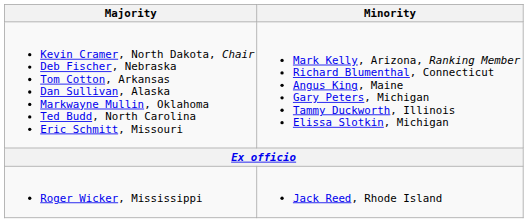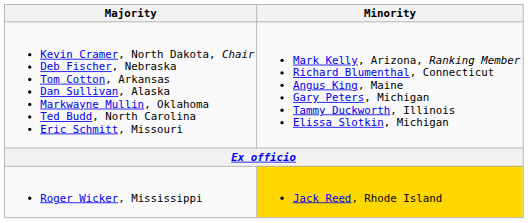 <table class=wikitable>
 <tr>
 <th>Majority</th>
 <th>Minority</th>
 </tr>
 <tr>
 <td><br><ul><li><a href='#'>Kevin Cramer</a>, North Dakota, <em>Chair</em></li><li><a href='#'>Deb Fischer</a>, Nebraska</li><li><a href='#'>Tom Cotton</a>, Arkansas</li><li><a href='#'>Dan Sullivan</a>, Alaska</li><li><a href='#'>Markwayne Mullin</a>, Oklahoma</li><li><a href='#'>Ted Budd</a>, North Carolina</li><li><a href='#'>Eric Schmitt</a>, Missouri</li></ul></td>
 <td><br><ul><li><a href='#'>Mark Kelly</a>, Arizona, <em>Ranking Member</em></li><li><a href='#'>Richard Blumenthal</a>, Connecticut</li><li><span><a href='#'>Angus King</a>, Maine</span></li><li><a href='#'>Gary Peters</a>, Michigan</li><li><a href='#'>Tammy Duckworth</a>, Illinois</li><li><a href='#'>Elissa Slotkin</a>, Michigan</li></ul></td>
 </tr>
 <tr>
 <th colspan=2><em><a href='#'>Ex officio</a></em></th>
 </tr>
 <tr>
 <td><br><ul><li><a href='#'>Roger Wicker</a>, Mississippi</li></ul></td>
-<td><br><ul><li><a href='#'>Jack Reed</a>, Rhode Island</li></ul></td>
+<td style="background: gold;"><br><ul><li><a href='#'>Jack Reed</a>, Rhode Island</li></ul></td>
 </tr>
 </table>
